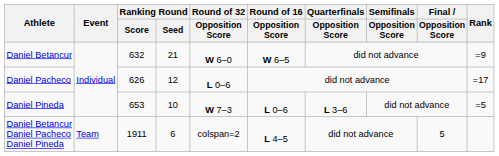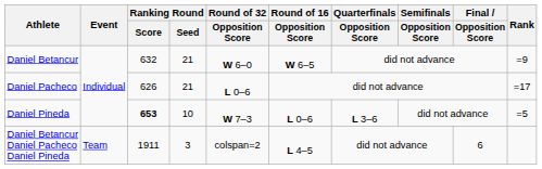 <table class="wikitable" style="font-size:90%">
 <tr>
 <th rowspan="2">Athlete</th>
 <th rowspan="2">Event</th>
 <th colspan="2">Ranking Round</th>
 <th>Round of 32</th>
 <th>Round of 16</th>
 <th>Quarterfinals</th>
 <th>Semifinals</th>
 <th>Final / </th>
 <th rowspan="2">Rank</th>
 </tr>
 <tr style="font-size:95%">
 <th>Score</th>
 <th>Seed</th>
 <th>Opposition<br>Score</th>
 <th>Opposition<br>Score</th>
 <th>Opposition<br>Score</th>
 <th>Opposition<br>Score</th>
 <th>Opposition<br>Score</th>
 </tr>
 <tr align=center>
 <td align=left><a href='#'>Daniel Betancur</a></td>
 <td align=left rowspan=3><a href='#'>Individual</a></td>
 <td>632</td>
 <td>21</td>
 <td><br><strong>W</strong> 6–0</td>
 <td><br><strong>W</strong> 6–5</td>
 <td colspan="3">did not advance</td>
 <td>=9</td>
 </tr>
 <tr align=center>
 <td align=left><a href='#'>Daniel Pacheco</a></td>
 <td>626</td>
-<td>12</td>
+<td>21</td>
 <td><br><strong>L</strong> 0–6</td>
 <td colspan="4">did not advance</td>
 <td>=17</td>
 </tr>
 <tr align=center>
 <td align=left><a href='#'>Daniel Pineda</a></td>
-<td>653</td>
+<td><strong>653</strong></td>
 <td>10</td>
 <td><br><strong>W</strong> 7–3</td>
 <td><br><strong>L</strong> 0–6</td>
 <td><br><strong>L</strong> 3–6</td>
 <td colspan="2">did not advance</td>
 <td>=5</td>
 </tr>
 <tr align=center>
 <td align=left><a href='#'>Daniel Betancur</a><br><a href='#'>Daniel Pacheco</a><br><a href='#'>Daniel Pineda</a></td>
 <td align=left><a href='#'>Team</a></td>
 <td>1911</td>
-<td>6</td>
+<td>3</td>
 <td>colspan=2 </td>
 <td><br><strong>L</strong> 4–5</td>
 <td colspan=2>did not advance</td>
-<td>5</td>
+<td>6</td>
 </tr>
 </table>
